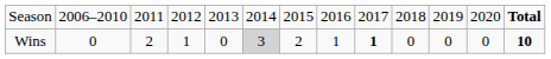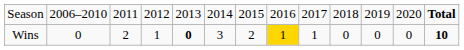 <table class=wikitable>
 <tr>
 <td>Season</td>
 <td>2006–2010</td>
 <td>2011</td>
 <td>2012</td>
 <td>2013</td>
 <td>2014</td>
 <td>2015</td>
 <td>2016</td>
 <td>2017</td>
 <td>2018</td>
 <td>2019</td>
 <td>2020</td>
 <td><strong>Total</strong></td>
 </tr>
 <tr align=center>
 <td>Wins</td>
 <td>0</td>
 <td>2</td>
 <td>1</td>
-<td>0</td>
-<td style="background: lightgrey;">3</td>
+<td><strong>0</strong></td>
+<td>3</td>
 <td>2</td>
+<td style="background: gold;">1</td>
 <td>1</td>
-<td><strong>1</strong></td>
 <td>0</td>
 <td>0</td>
 <td>0</td>
 <td><strong>10</strong></td>
 </tr>
 </table>
